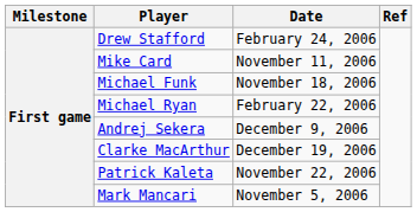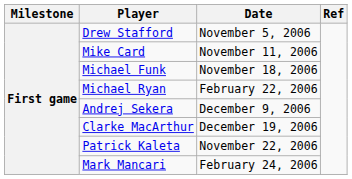 <table class="wikitable">
 <tr>
 <th scope="col">Milestone</th>
 <th scope="col">Player</th>
 <th scope="col">Date</th>
 <th scope="col">Ref</th>
 </tr>
 <tr>
 <th rowspan=8>First game</th>
 <td><a href='#'>Drew Stafford</a></td>
-<td>February 24, 2006</td>
+<td>November 5, 2006</td>
 <td rowspan=8></td>
 </tr>
 <tr>
 <td><a href='#'>Mike Card</a></td>
 <td>November 11, 2006</td>
 </tr>
 <tr>
 <td><a href='#'>Michael Funk</a></td>
 <td>November 18, 2006</td>
 </tr>
 <tr>
 <td><a href='#'>Michael Ryan</a></td>
 <td>February 22, 2006</td>
 </tr>
 <tr>
 <td><a href='#'>Andrej Sekera</a></td>
 <td>December 9, 2006</td>
 </tr>
 <tr>
 <td><a href='#'>Clarke MacArthur</a></td>
 <td>December 19, 2006</td>
 </tr>
 <tr>
 <td><a href='#'>Patrick Kaleta</a></td>
 <td>November 22, 2006</td>
 </tr>
 <tr>
 <td><a href='#'>Mark Mancari</a></td>
-<td>November 5, 2006</td>
+<td>February 24, 2006</td>
 </tr>
 </table>
